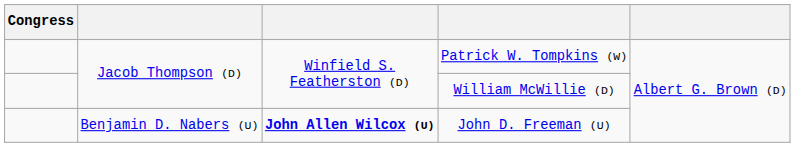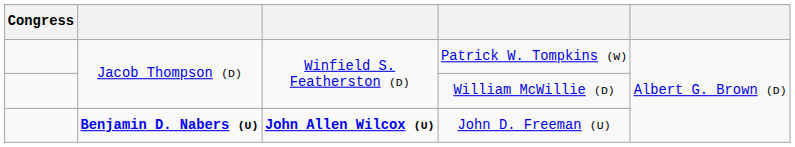 <table class=wikitable style=text-align:center>
 <tr style="height:2.5em">
 <th>Congress</th>
 <th></th>
 <th></th>
 <th></th>
 <th></th>
 </tr>
 <tr style="height:2.5em">
 <td><strong></strong> </td>
 <td rowspan=2 ><a href='#'>Jacob Thompson</a> <small>(D)</small></td>
 <td rowspan=2 ><a href='#'>Winfield S.<br>Featherston</a> <small>(D)</small></td>
 <td><a href='#'>Patrick W. Tompkins</a> <small>(W)</small></td>
 <td rowspan=3 ><a href='#'>Albert G. Brown</a> <small>(D)</small></td>
 </tr>
 <tr style="height:2.5em">
 <td><strong></strong> </td>
 <td><a href='#'>William McWillie</a> <small>(D)</small></td>
 </tr>
 <tr style="height:2.5em">
 <td><strong></strong> </td>
-<td><a href='#'>Benjamin D. Nabers</a> <small>(U)</small></td>
+<td><strong><a href='#'>Benjamin D. Nabers</a> <small>(U)</small></strong></td>
 <td><strong><a href='#'>John Allen Wilcox</a> <small>(U)</small></strong></td>
 <td><a href='#'>John D. Freeman</a> <small>(U)</small></td>
 </tr>
 </table>
